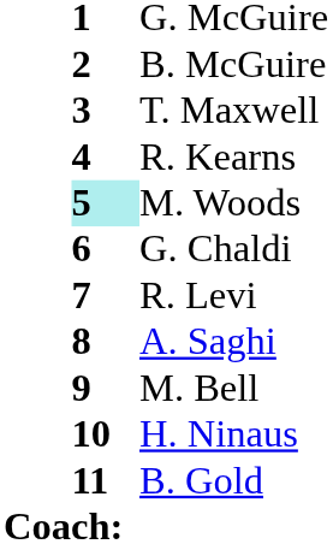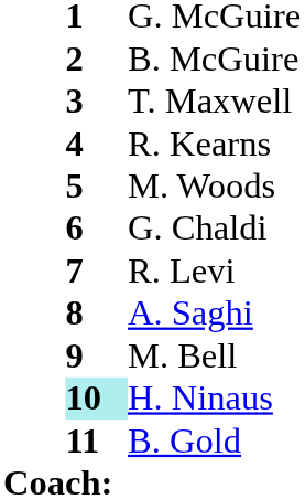 <table style="font-size: 90%" cellspacing="0" cellpadding="0">
 <tr>
 <th width="25"></th>
 <th width="25"></th>
 </tr>
 <tr>
 <td></td>
 <td><strong>1</strong></td>
 <td> G. McGuire</td>
 </tr>
 <tr>
 <td></td>
 <td><strong>2</strong></td>
 <td> B. McGuire</td>
 </tr>
 <tr>
 <td></td>
 <td><strong>3</strong></td>
 <td> T. Maxwell</td>
 </tr>
 <tr>
 <td></td>
 <td><strong>4</strong></td>
 <td> R. Kearns</td>
 </tr>
 <tr>
 <td></td>
-<td style="background: paleturquoise;"><strong>5</strong></td>
+<td><strong>5</strong></td>
 <td> M. Woods</td>
 </tr>
 <tr>
 <td></td>
 <td><strong>6</strong></td>
 <td> G. Chaldi</td>
 </tr>
 <tr>
 <td></td>
 <td><strong>7</strong></td>
 <td> R. Levi</td>
 </tr>
 <tr>
 <td></td>
 <td><strong>8</strong></td>
 <td>  <a href='#'>A. Saghi</a></td>
 </tr>
 <tr>
 <td></td>
 <td><strong>9</strong></td>
 <td> M. Bell</td>
 </tr>
 <tr>
 <td></td>
-<td><strong>10</strong></td>
+<td style="background: paleturquoise;"><strong>10</strong></td>
 <td>  <a href='#'>H. Ninaus</a></td>
 </tr>
 <tr>
 <td></td>
 <td><strong>11</strong></td>
 <td> <a href='#'>B. Gold</a></td>
 </tr>
 <tr>
 <td colspan=4><strong>Coach:</strong></td>
 </tr>
 <tr>
 <td colspan=4></td>
 </tr>
 </table>
